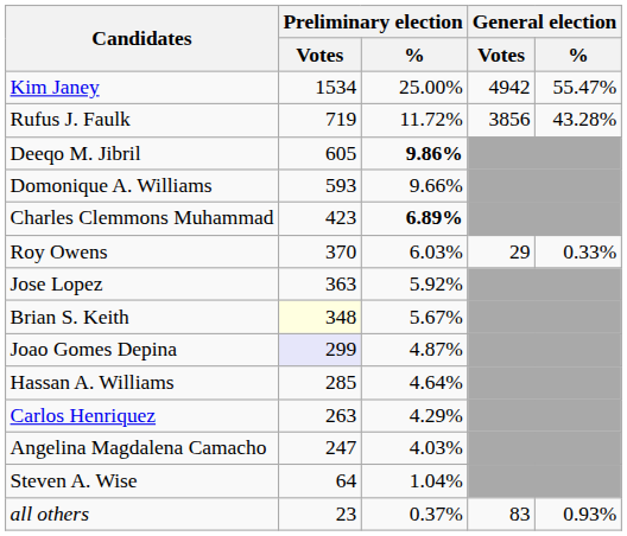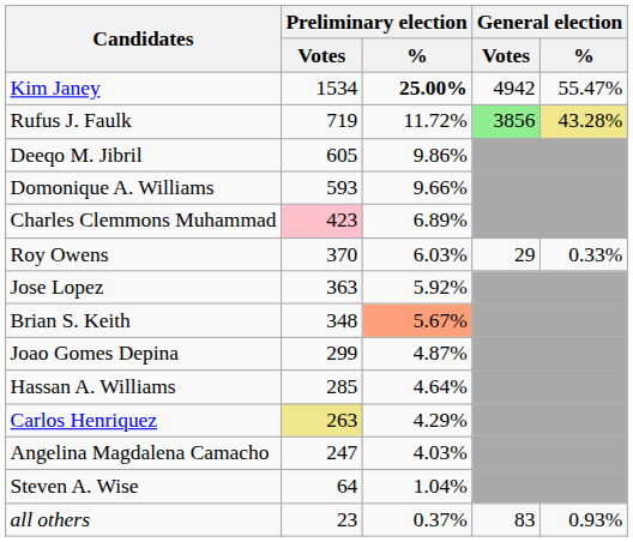 <table class=wikitable>
 <tr>
 <th colspan=1 rowspan=2><strong>Candidates</strong></th>
 <th colspan=2><strong>Preliminary election</strong></th>
 <th colspan=2><strong>General election</strong></th>
 </tr>
 <tr>
 <th>Votes</th>
 <th>%</th>
 <th>Votes</th>
 <th>%</th>
 </tr>
 <tr>
 <td><a href='#'>Kim Janey</a></td>
 <td align="right">1534</td>
-<td align="right">25.00%</td>
+<td align="right"><strong>25.00%</strong></td>
 <td align="right">4942</td>
 <td align="right">55.47%</td>
 </tr>
 <tr>
 <td>Rufus J. Faulk</td>
 <td align="right">719</td>
 <td align="right">11.72%</td>
-<td align="right">3856</td>
-<td align="right">43.28%</td>
+<td align="right" style="background: lightgreen;">3856</td>
+<td align="right" style="background: khaki;">43.28%</td>
 </tr>
 <tr>
 <td>Deeqo M. Jibril</td>
 <td align="right">605</td>
-<td align="right"><strong>9.86%</strong></td>
+<td align="right">9.86%</td>
 <td colspan=2 bgcolor=darkgray> </td>
 </tr>
 <tr>
 <td>Domonique A. Williams</td>
 <td align="right">593</td>
 <td align="right">9.66%</td>
 <td colspan=2 bgcolor=darkgray> </td>
 </tr>
 <tr>
 <td>Charles Clemmons Muhammad</td>
-<td align="right">423</td>
-<td align="right"><strong>6.89%</strong></td>
+<td align="right" style="background: pink;">423</td>
+<td align="right">6.89%</td>
 <td colspan=2 bgcolor=darkgray> </td>
 </tr>
 <tr>
 <td>Roy Owens</td>
 <td align="right">370</td>
 <td align="right">6.03%</td>
 <td align="right">29</td>
 <td align="right">0.33%</td>
 </tr>
 <tr>
 <td>Jose Lopez</td>
 <td align="right">363</td>
 <td align="right">5.92%</td>
 <td colspan=2 bgcolor=darkgray> </td>
 </tr>
 <tr>
 <td>Brian S. Keith</td>
-<td align="right" style="background: lightyellow;">348</td>
-<td align="right">5.67%</td>
+<td align="right">348</td>
+<td align="right" style="background: lightsalmon;">5.67%</td>
 <td colspan=2 bgcolor=darkgray> </td>
 </tr>
 <tr>
 <td>Joao Gomes Depina</td>
-<td align="right" style="background: lavender;">299</td>
+<td align="right">299</td>
 <td align="right">4.87%</td>
 <td colspan=2 bgcolor=darkgray> </td>
 </tr>
 <tr>
 <td>Hassan A. Williams</td>
 <td align="right">285</td>
 <td align="right">4.64%</td>
 <td colspan=2 bgcolor=darkgray> </td>
 </tr>
 <tr>
 <td><a href='#'>Carlos Henriquez</a></td>
-<td align="right">263</td>
+<td align="right" style="background: khaki;">263</td>
 <td align="right">4.29%</td>
 <td colspan=2 bgcolor=darkgray> </td>
 </tr>
 <tr>
 <td>Angelina Magdalena Camacho</td>
 <td align="right">247</td>
 <td align="right">4.03%</td>
 <td colspan=2 bgcolor=darkgray> </td>
 </tr>
 <tr>
 <td>Steven A. Wise</td>
 <td align="right">64</td>
 <td align="right">1.04%</td>
 <td colspan=2 bgcolor=darkgray> </td>
 </tr>
 <tr>
 <td><em>all others</em></td>
 <td align="right">23</td>
 <td align="right">0.37%</td>
 <td align="right">83</td>
 <td align="right">0.93%</td>
 </tr>
 </table>
